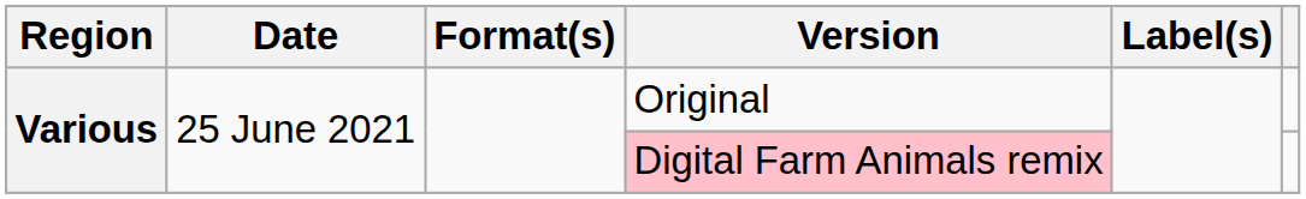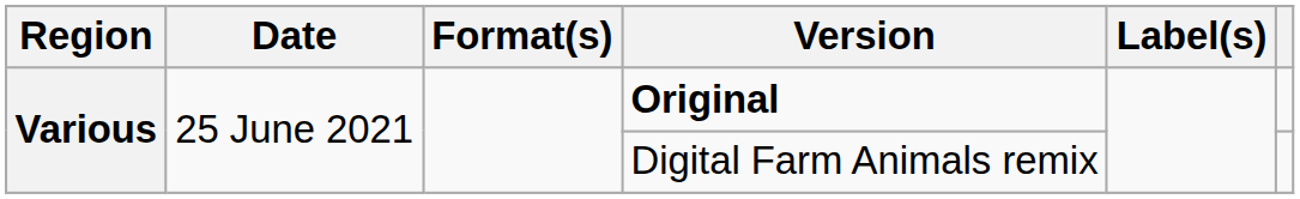 <table class="wikitable plainrowheaders">
 <tr>
 <th scope="col">Region</th>
 <th scope="col">Date</th>
 <th scope="col">Format(s)</th>
 <th scope="col">Version</th>
 <th scope="col">Label(s)</th>
 <th scope="col"></th>
 </tr>
 <tr>
 <th scope="row" rowspan="2">Various</th>
 <td rowspan="2">25 June 2021</td>
 <td rowspan="2"></td>
-<td>Original</td>
+<td><strong>Original</strong></td>
 <td rowspan="2"></td>
 <td></td>
 </tr>
 <tr>
-<td style="background: pink;">Digital Farm Animals remix</td>
+<td>Digital Farm Animals remix</td>
 <td></td>
 </tr>
 </table>
